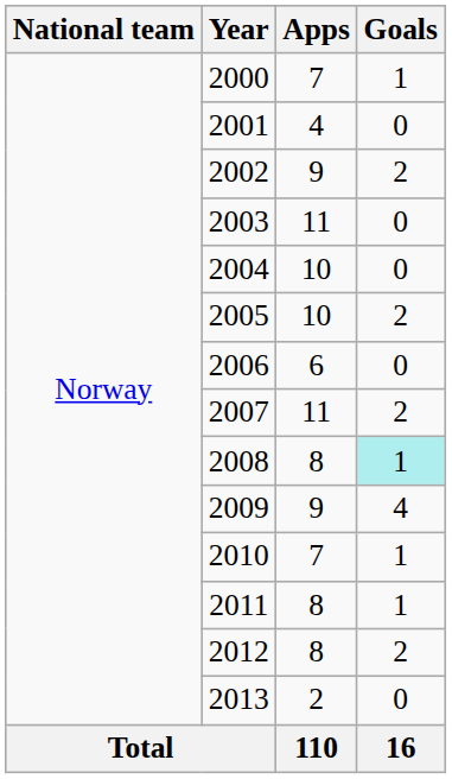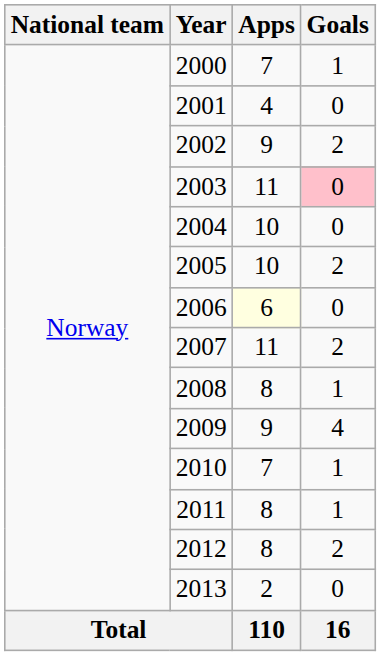 <table class="wikitable" style="text-align:center">
 <tr>
 <th>National team</th>
 <th>Year</th>
 <th>Apps</th>
 <th>Goals</th>
 </tr>
 <tr>
 <td rowspan="14"><a href='#'>Norway</a></td>
 <td>2000</td>
 <td>7</td>
 <td>1</td>
 </tr>
 <tr>
 <td>2001</td>
 <td>4</td>
 <td>0</td>
 </tr>
 <tr>
 <td>2002</td>
 <td>9</td>
 <td>2</td>
 </tr>
 <tr>
 <td>2003</td>
 <td>11</td>
-<td>0</td>
+<td style="background: pink;">0</td>
 </tr>
 <tr>
 <td>2004</td>
 <td>10</td>
 <td>0</td>
 </tr>
 <tr>
 <td>2005</td>
 <td>10</td>
 <td>2</td>
 </tr>
 <tr>
 <td>2006</td>
-<td>6</td>
+<td style="background: lightyellow;">6</td>
 <td>0</td>
 </tr>
 <tr>
 <td>2007</td>
 <td>11</td>
 <td>2</td>
 </tr>
 <tr>
 <td>2008</td>
 <td>8</td>
-<td style="background: paleturquoise;">1</td>
+<td>1</td>
 </tr>
 <tr>
 <td>2009</td>
 <td>9</td>
 <td>4</td>
 </tr>
 <tr>
 <td>2010</td>
 <td>7</td>
 <td>1</td>
 </tr>
 <tr>
 <td>2011</td>
 <td>8</td>
 <td>1</td>
 </tr>
 <tr>
 <td>2012</td>
 <td>8</td>
 <td>2</td>
 </tr>
 <tr>
 <td>2013</td>
 <td>2</td>
 <td>0</td>
 </tr>
 <tr>
 <th colspan="2">Total</th>
 <th>110</th>
 <th>16</th>
 </tr>
 </table>
